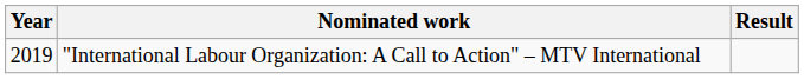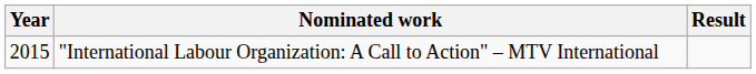 <table class="wikitable sortable plainrowheaders" style="margin-right: 0;">
 <tr>
 <th width="30”">Year</th>
 <th width="500">Nominated work</th>
 <th width="30">Result</th>
 </tr>
 <tr>
-<td scope="row">2019</td>
+<td scope="row">2015</td>
 <td>"International Labour Organization: A Call to Action" – MTV International</td>
 <td></td>
 </tr>
 </table>
